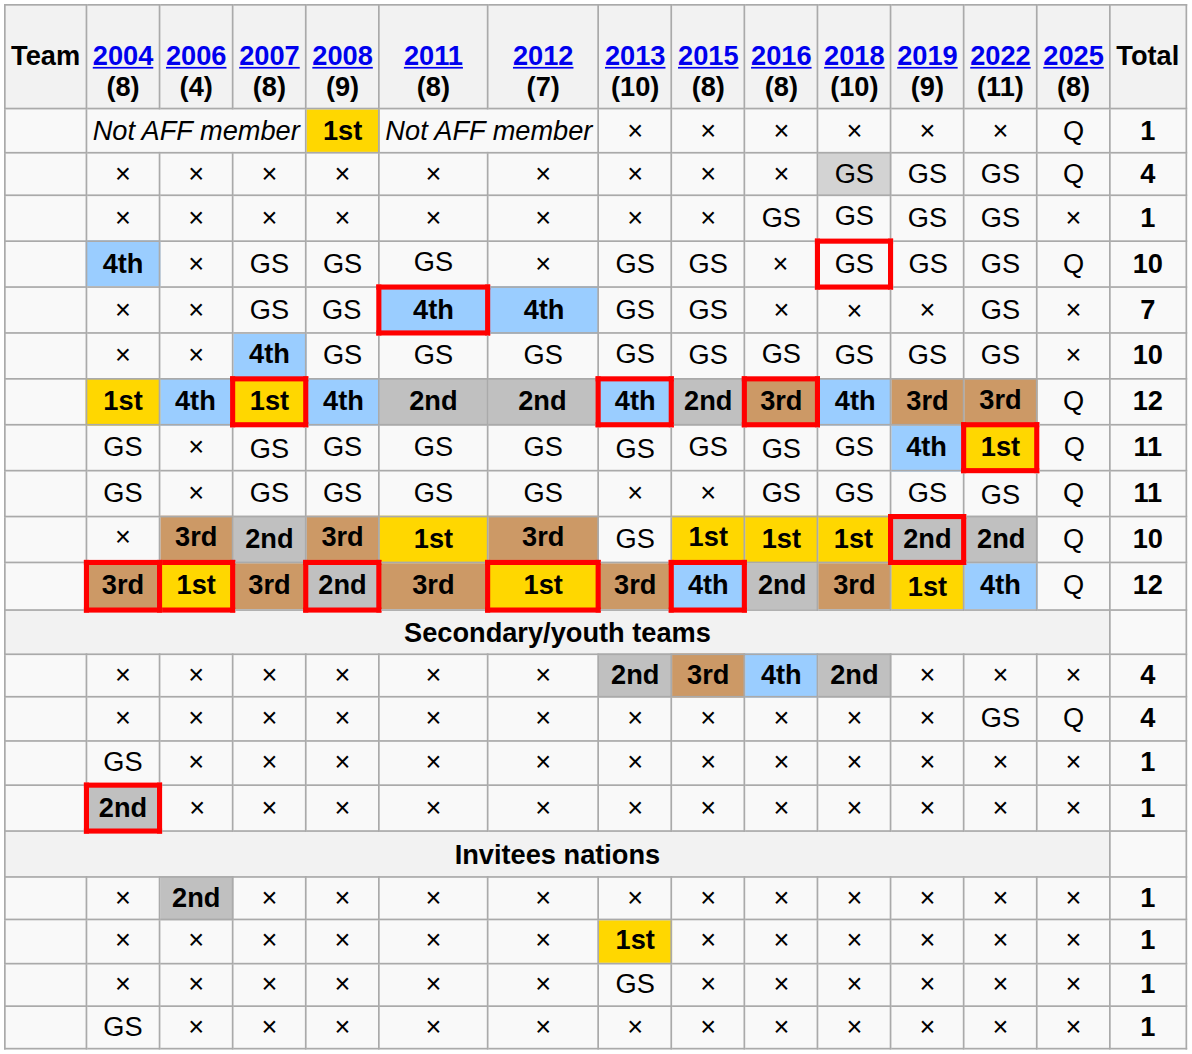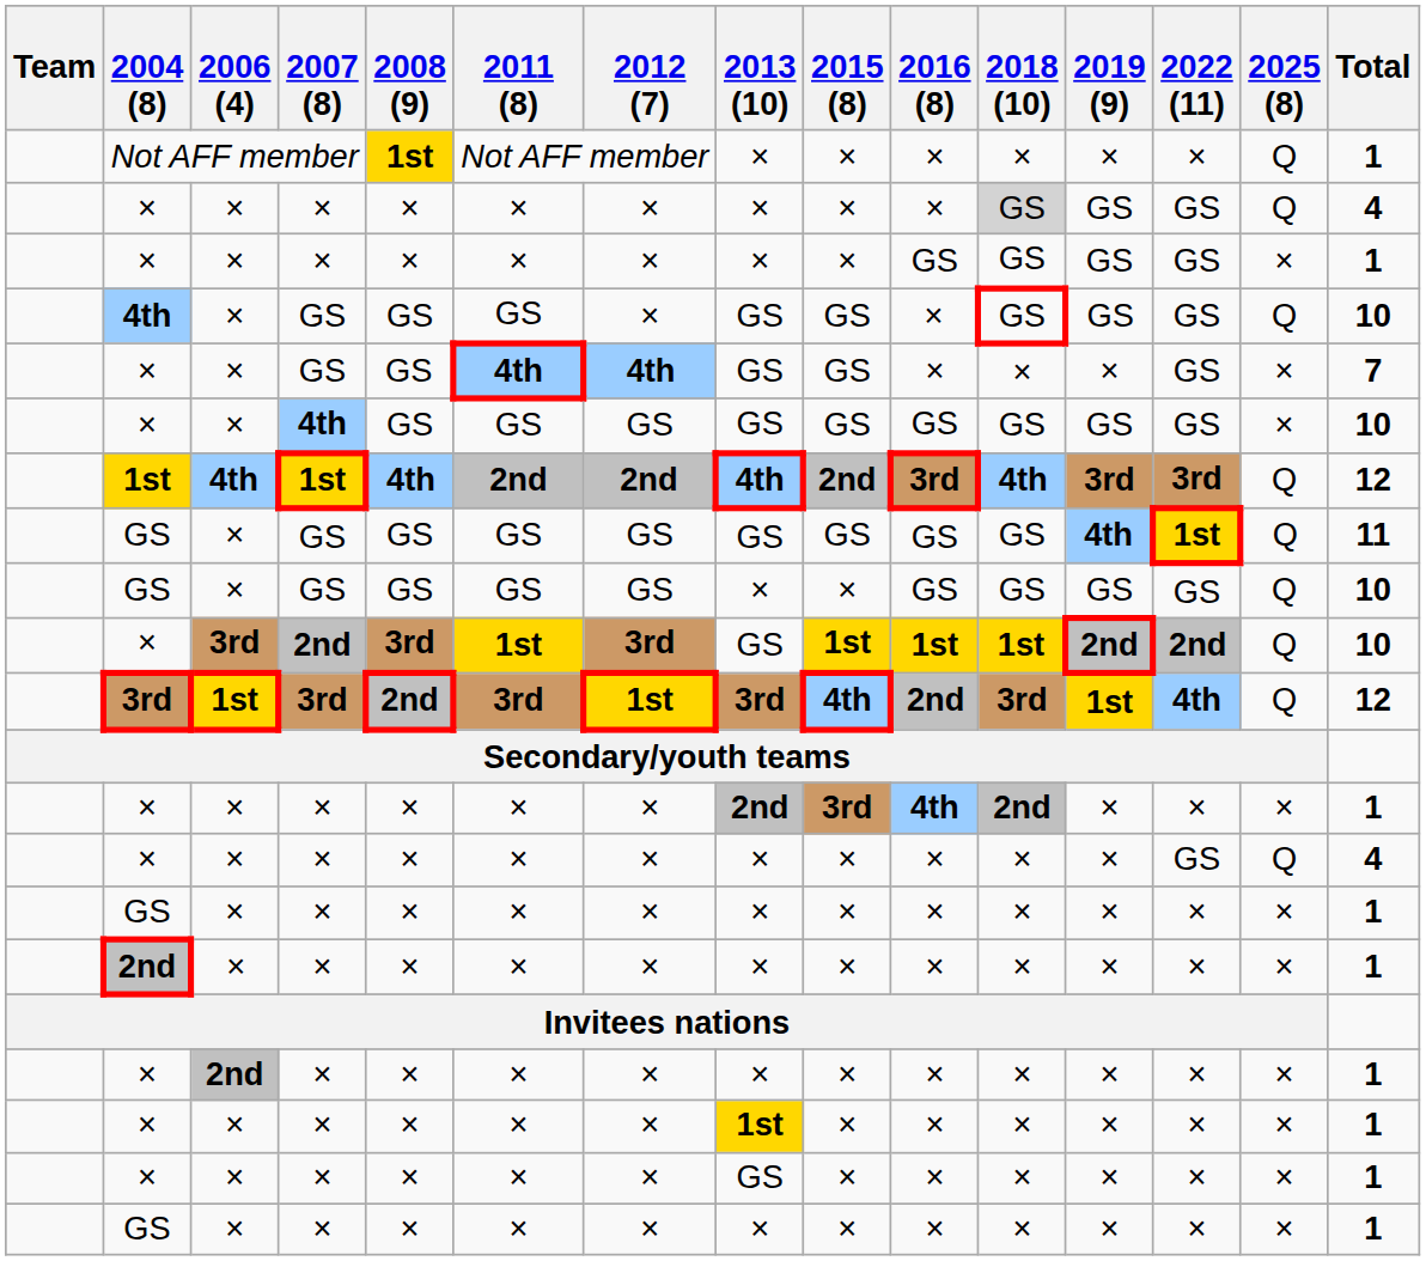 <table class="wikitable" style="text-align: center;">
 <tr>
 <th>Team</th>
 <th> <br> <a href='#'>2004</a> <br> (8)</th>
 <th> <br> <a href='#'>2006</a> <br> (4)</th>
 <th> <br> <a href='#'>2007</a> <br> (8)</th>
 <th> <br> <a href='#'>2008</a> <br> (9)</th>
 <th> <br> <a href='#'>2011</a> <br> (8)</th>
 <th> <br> <a href='#'>2012</a> <br> (7)</th>
 <th> <br> <a href='#'>2013</a> <br> (10)</th>
 <th> <br> <a href='#'>2015</a> <br> (8)</th>
 <th> <br> <a href='#'>2016</a> <br> (8)</th>
 <th> <br> <a href='#'>2018</a> <br> (10)</th>
 <th> <br> <a href='#'>2019</a> <br> (9)</th>
 <th> <br> <a href='#'>2022</a> <br> (11)</th>
 <th> <br> <a href='#'>2025</a> <br> (8)</th>
 <th>Total</th>
 </tr>
 <tr>
 <td align=left></td>
 <td colspan="3"><em>Not AFF member</em></td>
 <td bgcolor="gold"><strong>1st</strong></td>
 <td colspan="2"><em>Not AFF member</em></td>
 <td>×</td>
 <td>×</td>
 <td>×</td>
 <td>×</td>
 <td>×</td>
 <td>×</td>
 <td>Q</td>
 <td><strong>1</strong></td>
 </tr>
 <tr>
 <td align=left></td>
 <td>×</td>
 <td>×</td>
 <td>×</td>
 <td>×</td>
 <td>×</td>
 <td>×</td>
 <td>×</td>
 <td>×</td>
 <td>×</td>
 <td style="background: lightgrey;">GS</td>
 <td>GS</td>
 <td>GS</td>
 <td>Q</td>
 <td><strong>4</strong></td>
 </tr>
 <tr>
 <td align=left></td>
 <td>×</td>
 <td>×</td>
 <td>×</td>
 <td>×</td>
 <td>×</td>
 <td>×</td>
 <td>×</td>
 <td>×</td>
 <td>GS</td>
 <td>GS</td>
 <td>GS</td>
 <td>GS</td>
 <td>×</td>
 <td><strong>1</strong></td>
 </tr>
 <tr>
 <td align=left></td>
 <td bgcolor=9acdff><strong>4th</strong></td>
 <td>×</td>
 <td>GS</td>
 <td>GS</td>
 <td>GS</td>
 <td>×</td>
 <td>GS</td>
 <td>GS</td>
 <td>×</td>
 <td style="border:3px solid red;">GS</td>
 <td>GS</td>
 <td>GS</td>
 <td>Q</td>
 <td><strong>10</strong></td>
 </tr>
 <tr>
 <td align=left></td>
 <td>×</td>
 <td>×</td>
 <td>GS</td>
 <td>GS</td>
 <td style="border:3px solid red;" bgcolor=9acdff><strong>4th</strong></td>
 <td bgcolor=9acdff><strong>4th</strong></td>
 <td>GS</td>
 <td>GS</td>
 <td>×</td>
 <td>×</td>
 <td>×</td>
 <td>GS</td>
 <td>×</td>
 <td><strong>7</strong></td>
 </tr>
 <tr>
 <td align=left></td>
 <td>×</td>
 <td>×</td>
 <td bgcolor=9acdff><strong>4th</strong></td>
 <td>GS</td>
 <td>GS</td>
 <td>GS</td>
 <td>GS</td>
 <td>GS</td>
 <td>GS</td>
 <td>GS</td>
 <td>GS</td>
 <td>GS</td>
 <td>×</td>
 <td><strong>10</strong></td>
 </tr>
 <tr>
 <td align=left></td>
 <td bgcolor=gold><strong>1st</strong></td>
 <td bgcolor=9acdff><strong>4th</strong></td>
 <td style="border:3px solid red;" bgcolor=gold><strong>1st</strong></td>
 <td bgcolor=9acdff><strong>4th</strong></td>
 <td bgcolor=silver><strong>2nd</strong></td>
 <td bgcolor=silver><strong>2nd</strong></td>
 <td style="border:3px solid red;" bgcolor=9acdff><strong>4th</strong></td>
 <td bgcolor=silver><strong>2nd</strong></td>
 <td style="border:3px solid red;" bgcolor=cc9966><strong>3rd</strong></td>
 <td bgcolor=9acdff><strong>4th</strong></td>
 <td bgcolor=cc9966><strong>3rd</strong></td>
 <td bgcolor=cc9966><strong>3rd</strong></td>
 <td>Q</td>
 <td><strong>12</strong></td>
 </tr>
 <tr>
 <td align=left></td>
 <td>GS</td>
 <td>×</td>
 <td>GS</td>
 <td>GS</td>
 <td>GS</td>
 <td>GS</td>
 <td>GS</td>
 <td>GS</td>
 <td>GS</td>
 <td>GS</td>
 <td bgcolor=9acdff><strong>4th</strong></td>
 <td style="border:3px solid red;" bgcolor=gold><strong>1st</strong></td>
 <td>Q</td>
 <td><strong>11</strong></td>
 </tr>
 <tr>
 <td align=left></td>
 <td>GS</td>
 <td>×</td>
 <td>GS</td>
 <td>GS</td>
 <td>GS</td>
 <td>GS</td>
 <td>×</td>
 <td>×</td>
 <td>GS</td>
 <td>GS</td>
 <td>GS</td>
 <td>GS</td>
 <td>Q</td>
-<td><strong>11</strong></td>
+<td><strong>10</strong></td>
 </tr>
 <tr>
 <td align=left></td>
 <td>×</td>
 <td bgcolor=cc9966><strong>3rd</strong></td>
 <td bgcolor=silver><strong>2nd</strong></td>
 <td bgcolor=cc9966><strong>3rd</strong></td>
 <td bgcolor=gold><strong>1st</strong></td>
 <td bgcolor=cc9966><strong>3rd</strong></td>
 <td>GS</td>
 <td bgcolor=gold><strong>1st</strong></td>
 <td bgcolor=gold><strong>1st</strong></td>
 <td bgcolor=gold><strong>1st</strong></td>
 <td style="border:3px solid red;" bgcolor=silver><strong>2nd</strong></td>
 <td bgcolor=silver><strong>2nd</strong></td>
 <td>Q</td>
 <td><strong>10</strong></td>
 </tr>
 <tr>
 <td align=left></td>
 <td style="border:3px solid red;" bgcolor=cc9966><strong>3rd</strong></td>
 <td style="border:3px solid red;" bgcolor=gold><strong>1st</strong></td>
 <td bgcolor=cc9966><strong>3rd</strong></td>
 <td style="border:3px solid red;" bgcolor=silver><strong>2nd</strong></td>
 <td bgcolor=cc9966><strong>3rd</strong></td>
 <td style="border:3px solid red;" bgcolor=gold><strong>1st</strong></td>
 <td bgcolor=cc9966><strong>3rd</strong></td>
 <td style="border:3px solid red;" bgcolor=9acdff><strong>4th</strong></td>
 <td bgcolor=silver><strong>2nd</strong></td>
 <td bgcolor=cc9966><strong>3rd</strong></td>
 <td bgcolor=gold><strong>1st</strong></td>
 <td bgcolor=9acdff><strong>4th</strong></td>
 <td>Q</td>
 <td><strong>12</strong></td>
 </tr>
 <tr>
 <th colspan=14><strong>Secondary/youth teams</strong></th>
 </tr>
 <tr>
 <td align=left></td>
 <td>×</td>
 <td>×</td>
 <td>×</td>
 <td>×</td>
 <td>×</td>
 <td>×</td>
 <td bgcolor=silver><strong>2nd</strong></td>
 <td bgcolor=cc9966><strong>3rd</strong></td>
 <td bgcolor=9acdff><strong>4th</strong></td>
 <td bgcolor=silver><strong>2nd</strong></td>
 <td>×</td>
 <td>×</td>
 <td>×</td>
-<td><strong>4</strong></td>
+<td><strong>1</strong></td>
 </tr>
 <tr>
 <td align=left></td>
 <td>×</td>
 <td>×</td>
 <td>×</td>
 <td>×</td>
 <td>×</td>
 <td>×</td>
 <td>×</td>
 <td>×</td>
 <td>×</td>
 <td>×</td>
 <td>×</td>
 <td>GS</td>
 <td>Q</td>
 <td><strong>4</strong></td>
 </tr>
 <tr>
 <td align=left></td>
 <td>GS</td>
 <td>×</td>
 <td>×</td>
 <td>×</td>
 <td>×</td>
 <td>×</td>
 <td>×</td>
 <td>×</td>
 <td>×</td>
 <td>×</td>
 <td>×</td>
 <td>×</td>
 <td>×</td>
 <td><strong>1</strong></td>
 </tr>
 <tr>
 <td align=left></td>
 <td style="border:3px solid red;" bgcolor=silver><strong>2nd</strong></td>
 <td>×</td>
 <td>×</td>
 <td>×</td>
 <td>×</td>
 <td>×</td>
 <td>×</td>
 <td>×</td>
 <td>×</td>
 <td>×</td>
 <td>×</td>
 <td>×</td>
 <td>×</td>
 <td><strong>1</strong></td>
 </tr>
 <tr>
 <th colspan=14><strong>Invitees nations</strong></th>
 </tr>
 <tr>
 <td align=left></td>
 <td>×</td>
 <td bgcolor=silver><strong>2nd</strong></td>
 <td>×</td>
 <td>×</td>
 <td>×</td>
 <td>×</td>
 <td>×</td>
 <td>×</td>
 <td>×</td>
 <td>×</td>
 <td>×</td>
 <td>×</td>
 <td>×</td>
 <td><strong>1</strong></td>
 </tr>
 <tr>
 <td align=left></td>
 <td>×</td>
 <td>×</td>
 <td>×</td>
 <td>×</td>
 <td>×</td>
 <td>×</td>
 <td bgcolor=gold><strong>1st</strong></td>
 <td>×</td>
 <td>×</td>
 <td>×</td>
 <td>×</td>
 <td>×</td>
 <td>×</td>
 <td><strong>1</strong></td>
 </tr>
 <tr>
 <td align=left></td>
 <td>×</td>
 <td>×</td>
 <td>×</td>
 <td>×</td>
 <td>×</td>
 <td>×</td>
 <td>GS</td>
 <td>×</td>
 <td>×</td>
 <td>×</td>
 <td>×</td>
 <td>×</td>
 <td>×</td>
 <td><strong>1</strong></td>
 </tr>
 <tr>
 <td align=left></td>
 <td>GS</td>
 <td>×</td>
 <td>×</td>
 <td>×</td>
 <td>×</td>
 <td>×</td>
 <td>×</td>
 <td>×</td>
 <td>×</td>
 <td>×</td>
 <td>×</td>
 <td>×</td>
 <td>×</td>
 <td><strong>1</strong></td>
 </tr>
 </table>
